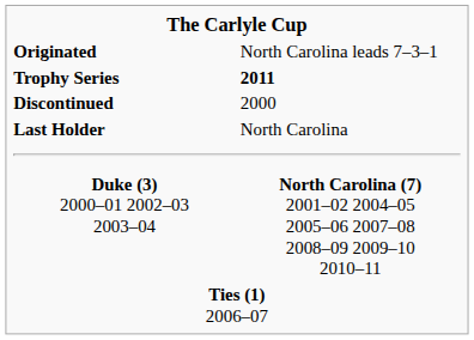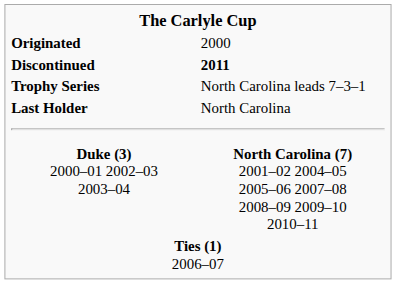 <table class="infobox" style="width: 26em; font-size: 95%;">
 <tr>
 <td colspan="2" style="text-align: center; font-size: 110%;"><strong>The Carlyle Cup</strong></td>
 </tr>
 <tr>
 <td><strong>Originated</strong></td>
-<td>North Carolina leads 7–3–1</td>
+<td>2000</td>
+</tr>
+<tr>
+<td><strong>Discontinued</strong></td>
+<td><strong>2011</strong></td>
 </tr>
 <tr>
 <td><strong>Trophy Series</strong></td>
-<td><strong>2011</strong></td>
-</tr>
-<tr>
-<td><strong>Discontinued</strong></td>
-<td>2000</td>
+<td>North Carolina leads 7–3–1</td>
 </tr>
 <tr>
 <td><strong>Last Holder</strong></td>
 <td>North Carolina</td>
 </tr>
 <tr>
 <td colspan="2" align="center"><hr></td>
 </tr>
 <tr>
 <td align="center" style="width:13em"></td>
 <td align="center" style="width:13em"></td>
 </tr>
 <tr>
 <td align="center"><strong>Duke (3)</strong><br>2000–01 2002–03<br>2003–04</td>
 <td align="center"><strong>North Carolina (7)</strong><br>2001–02 2004–05<br>2005–06 2007–08<br>2008–09 2009–10<br>2010–11</td>
 </tr>
 <tr>
 <td colspan="2" align="center" style="white-space: nowrap;"><strong>Ties (1)</strong><br>2006–07</td>
 </tr>
 </table>
